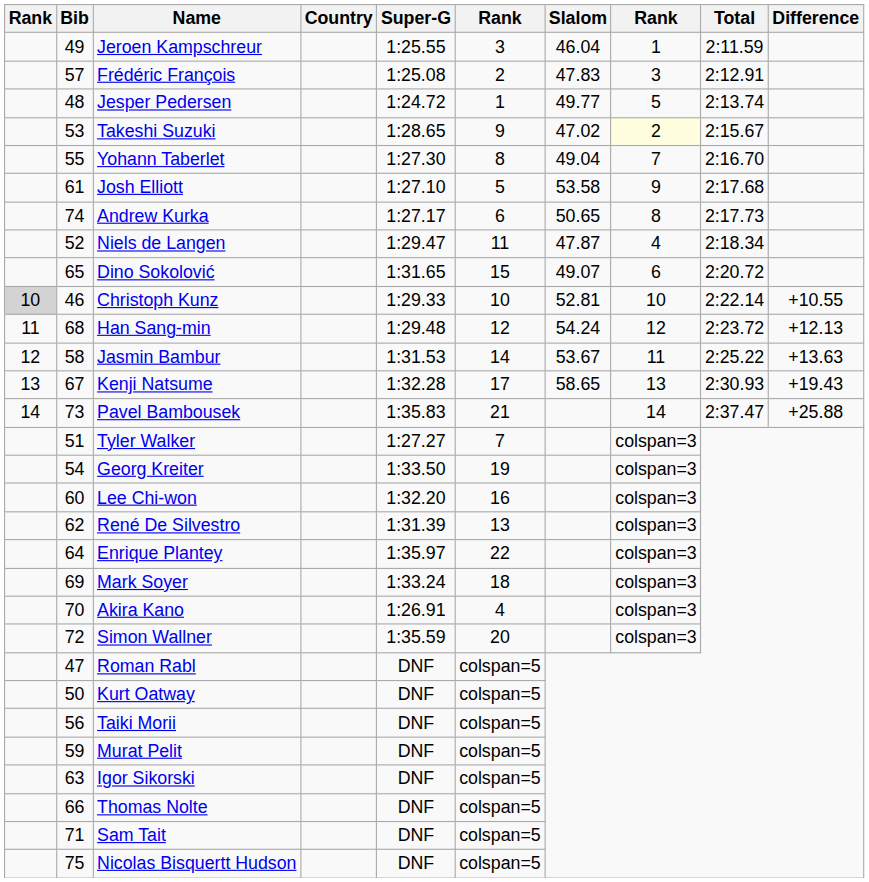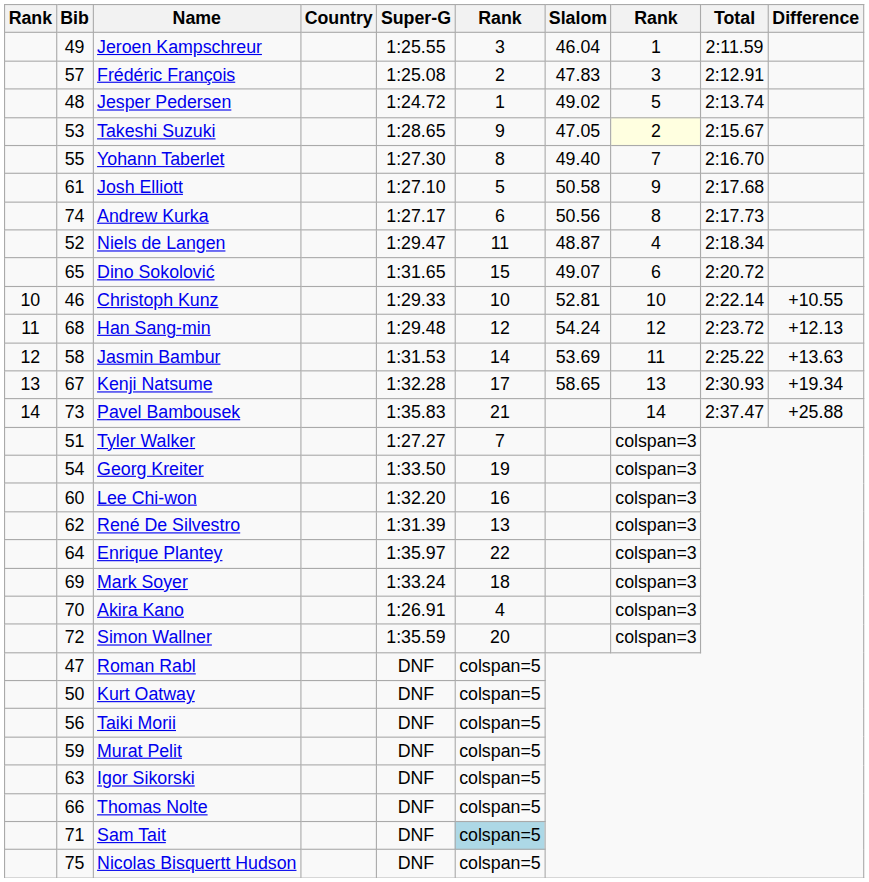 <table class="wikitable sortable" style="text-align:center">
 <tr>
 <th>Rank</th>
 <th>Bib</th>
 <th>Name</th>
 <th>Country</th>
 <th>Super-G</th>
 <th>Rank</th>
 <th>Slalom</th>
 <th>Rank</th>
 <th>Total</th>
 <th>Difference</th>
 </tr>
 <tr>
 <td></td>
 <td>49</td>
 <td align="left"><a href='#'>Jeroen Kampschreur</a></td>
 <td align="left"></td>
 <td>1:25.55</td>
 <td>3</td>
 <td>46.04</td>
 <td>1</td>
 <td>2:11.59</td>
 <td></td>
 </tr>
 <tr>
 <td></td>
 <td>57</td>
 <td align="left"><a href='#'>Frédéric François</a></td>
 <td align="left"></td>
 <td>1:25.08</td>
 <td>2</td>
 <td>47.83</td>
 <td>3</td>
 <td>2:12.91</td>
 <td></td>
 </tr>
 <tr>
 <td></td>
 <td>48</td>
 <td align="left"><a href='#'>Jesper Pedersen</a></td>
 <td align="left"></td>
 <td>1:24.72</td>
 <td>1</td>
-<td>49.77</td>
+<td>49.02</td>
 <td>5</td>
 <td>2:13.74</td>
 <td></td>
 </tr>
 <tr>
 <td></td>
 <td>53</td>
 <td align="left"><a href='#'>Takeshi Suzuki</a></td>
 <td align="left"></td>
 <td>1:28.65</td>
 <td>9</td>
-<td>47.02</td>
+<td>47.05</td>
 <td style="background: lightyellow;">2</td>
 <td>2:15.67</td>
 <td></td>
 </tr>
 <tr>
 <td></td>
 <td>55</td>
 <td align="left"><a href='#'>Yohann Taberlet</a></td>
 <td align="left"></td>
 <td>1:27.30</td>
 <td>8</td>
-<td>49.04</td>
+<td>49.40</td>
 <td>7</td>
 <td>2:16.70</td>
 <td></td>
 </tr>
 <tr>
 <td></td>
 <td>61</td>
 <td align="left"><a href='#'>Josh Elliott</a></td>
 <td align="left"></td>
 <td>1:27.10</td>
 <td>5</td>
-<td>53.58</td>
+<td>50.58</td>
 <td>9</td>
 <td>2:17.68</td>
 <td></td>
 </tr>
 <tr>
 <td></td>
 <td>74</td>
 <td align="left"><a href='#'>Andrew Kurka</a></td>
 <td align="left"></td>
 <td>1:27.17</td>
 <td>6</td>
-<td>50.65</td>
+<td>50.56</td>
 <td>8</td>
 <td>2:17.73</td>
 <td></td>
 </tr>
 <tr>
 <td></td>
 <td>52</td>
 <td align="left"><a href='#'>Niels de Langen</a></td>
 <td align="left"></td>
 <td>1:29.47</td>
 <td>11</td>
-<td>47.87</td>
+<td>48.87</td>
 <td>4</td>
 <td>2:18.34</td>
 <td></td>
 </tr>
 <tr>
 <td></td>
 <td>65</td>
 <td align="left"><a href='#'>Dino Sokolović</a></td>
 <td align="left"></td>
 <td>1:31.65</td>
 <td>15</td>
 <td>49.07</td>
 <td>6</td>
 <td>2:20.72</td>
 <td></td>
 </tr>
 <tr>
-<td style="background: lightgrey;">10</td>
+<td>10</td>
 <td>46</td>
 <td align="left"><a href='#'>Christoph Kunz</a></td>
 <td align="left"></td>
 <td>1:29.33</td>
 <td>10</td>
 <td>52.81</td>
 <td>10</td>
 <td>2:22.14</td>
 <td>+10.55</td>
 </tr>
 <tr>
 <td>11</td>
 <td>68</td>
 <td align="left"><a href='#'>Han Sang-min</a></td>
 <td align="left"></td>
 <td>1:29.48</td>
 <td>12</td>
 <td>54.24</td>
 <td>12</td>
 <td>2:23.72</td>
 <td>+12.13</td>
 </tr>
 <tr>
 <td>12</td>
 <td>58</td>
 <td align="left"><a href='#'>Jasmin Bambur</a></td>
 <td align="left"></td>
 <td>1:31.53</td>
 <td>14</td>
-<td>53.67</td>
+<td>53.69</td>
 <td>11</td>
 <td>2:25.22</td>
 <td>+13.63</td>
 </tr>
 <tr>
 <td>13</td>
 <td>67</td>
 <td align="left"><a href='#'>Kenji Natsume</a></td>
 <td align="left"></td>
 <td>1:32.28</td>
 <td>17</td>
 <td>58.65</td>
 <td>13</td>
 <td>2:30.93</td>
-<td>+19.43</td>
+<td>+19.34</td>
 </tr>
 <tr>
 <td>14</td>
 <td>73</td>
 <td align="left"><a href='#'>Pavel Bambousek</a></td>
 <td align="left"></td>
 <td>1:35.83</td>
 <td>21</td>
 <td></td>
 <td>14</td>
 <td>2:37.47</td>
 <td>+25.88</td>
 </tr>
 <tr>
 <td></td>
 <td>51</td>
 <td align="left"><a href='#'>Tyler Walker</a></td>
 <td align="left"></td>
 <td>1:27.27</td>
 <td>7</td>
 <td></td>
 <td>colspan=3 </td>
 </tr>
 <tr>
 <td></td>
 <td>54</td>
 <td align="left"><a href='#'>Georg Kreiter</a></td>
 <td align="left"></td>
 <td>1:33.50</td>
 <td>19</td>
 <td></td>
 <td>colspan=3 </td>
 </tr>
 <tr>
 <td></td>
 <td>60</td>
 <td align="left"><a href='#'>Lee Chi-won</a></td>
 <td align="left"></td>
 <td>1:32.20</td>
 <td>16</td>
 <td></td>
 <td>colspan=3 </td>
 </tr>
 <tr>
 <td></td>
 <td>62</td>
 <td align="left"><a href='#'>René De Silvestro</a></td>
 <td align="left"></td>
 <td>1:31.39</td>
 <td>13</td>
 <td></td>
 <td>colspan=3 </td>
 </tr>
 <tr>
 <td></td>
 <td>64</td>
 <td align="left"><a href='#'>Enrique Plantey</a></td>
 <td align="left"></td>
 <td>1:35.97</td>
 <td>22</td>
 <td></td>
 <td>colspan=3 </td>
 </tr>
 <tr>
 <td></td>
 <td>69</td>
 <td align="left"><a href='#'>Mark Soyer</a></td>
 <td align="left"></td>
 <td>1:33.24</td>
 <td>18</td>
 <td></td>
 <td>colspan=3 </td>
 </tr>
 <tr>
 <td></td>
 <td>70</td>
 <td align="left"><a href='#'>Akira Kano</a></td>
 <td align="left"></td>
 <td>1:26.91</td>
 <td>4</td>
 <td></td>
 <td>colspan=3 </td>
 </tr>
 <tr>
 <td></td>
 <td>72</td>
 <td align="left"><a href='#'>Simon Wallner</a></td>
 <td align="left"></td>
 <td>1:35.59</td>
 <td>20</td>
 <td></td>
 <td>colspan=3 </td>
 </tr>
 <tr>
 <td></td>
 <td>47</td>
 <td align="left"><a href='#'>Roman Rabl</a></td>
 <td align="left"></td>
 <td>DNF</td>
 <td>colspan=5 </td>
 </tr>
 <tr>
 <td></td>
 <td>50</td>
 <td align="left"><a href='#'>Kurt Oatway</a></td>
 <td align="left"></td>
 <td>DNF</td>
 <td>colspan=5 </td>
 </tr>
 <tr>
 <td></td>
 <td>56</td>
 <td align="left"><a href='#'>Taiki Morii</a></td>
 <td align="left"></td>
 <td>DNF</td>
 <td>colspan=5 </td>
 </tr>
 <tr>
 <td></td>
 <td>59</td>
 <td align="left"><a href='#'>Murat Pelit</a></td>
 <td align="left"></td>
 <td>DNF</td>
 <td>colspan=5 </td>
 </tr>
 <tr>
 <td></td>
 <td>63</td>
 <td align="left"><a href='#'>Igor Sikorski</a></td>
 <td align="left"></td>
 <td>DNF</td>
 <td>colspan=5 </td>
 </tr>
 <tr>
 <td></td>
 <td>66</td>
 <td align="left"><a href='#'>Thomas Nolte</a></td>
 <td align="left"></td>
 <td>DNF</td>
 <td>colspan=5 </td>
 </tr>
 <tr>
 <td></td>
 <td>71</td>
 <td align="left"><a href='#'>Sam Tait</a></td>
 <td align="left"></td>
 <td>DNF</td>
-<td>colspan=5 </td>
+<td style="background: lightblue;">colspan=5 </td>
 </tr>
 <tr>
 <td></td>
 <td>75</td>
 <td align="left"><a href='#'>Nicolas Bisquertt Hudson</a></td>
 <td align="left"></td>
 <td>DNF</td>
 <td>colspan=5 </td>
 </tr>
 </table>
